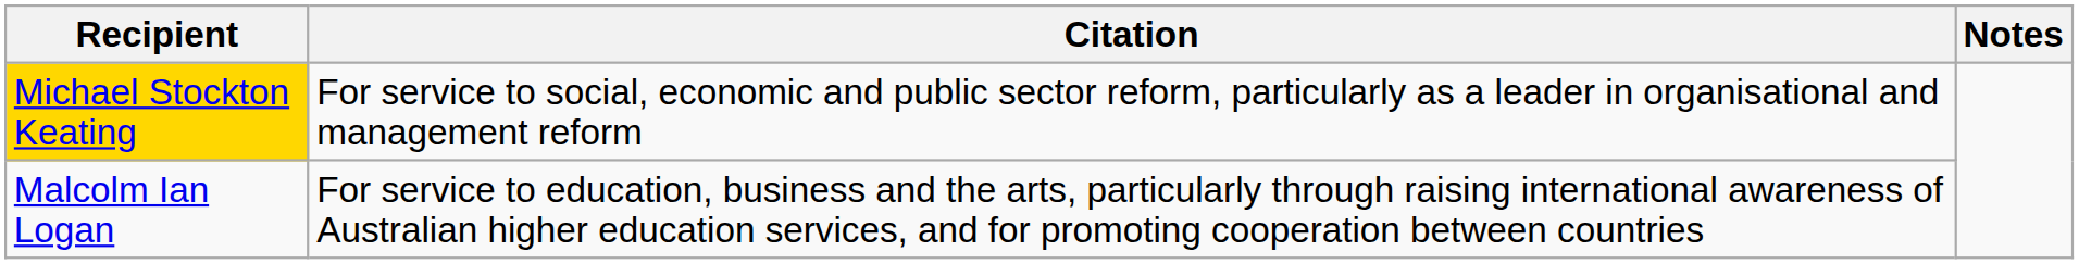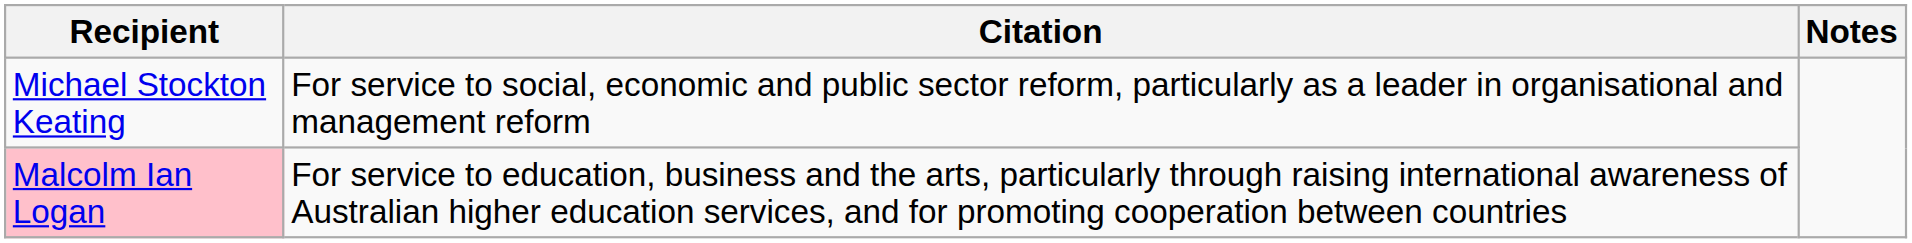 <table class="wikitable" style="font-size:95%;">
 <tr>
 <th>Recipient</th>
 <th>Citation</th>
 <th>Notes</th>
 </tr>
 <tr>
-<td style="background: gold;"> <a href='#'>Michael Stockton Keating</a> </td>
+<td> <a href='#'>Michael Stockton Keating</a> </td>
 <td>For service to social, economic and public sector reform, particularly as a leader in organisational and management reform</td>
 <td rowspan="2"></td>
 </tr>
 <tr>
-<td> <a href='#'>Malcolm Ian Logan</a></td>
+<td style="background: pink;"> <a href='#'>Malcolm Ian Logan</a></td>
 <td>For service to education, business and the arts, particularly through raising international awareness of Australian higher education services, and for promoting cooperation between countries</td>
 </tr>
 </table>
